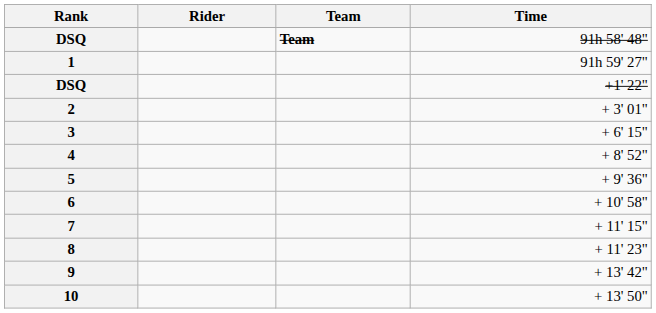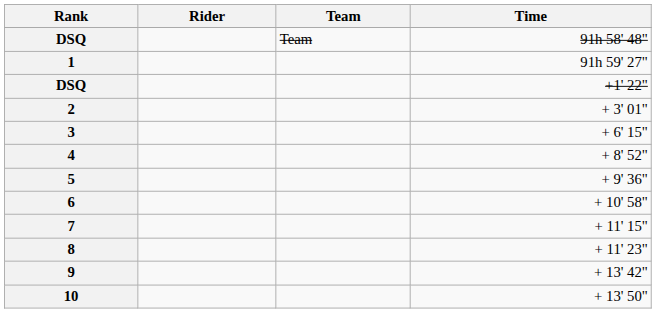 <table class="wikitable" style="width:44em;margin-bottom:0;">
 <tr>
 <th scope="col">Rank</th>
 <th scope="col">Rider</th>
 <th scope="col">Team</th>
 <th scope="col">Time</th>
 </tr>
 <tr>
 </tr>
 <tr>
 <th scope="row">DSQ</th>
 <td><s></s></td>
-<td><strong><s>Team </s></strong></td>
+<td><s>Team </s></td>
 <td style="text-align:right;"><s>91h 58' 48"</s></td>
 </tr>
 <tr>
 <th scope="row">1</th>
 <td>  </td>
 <td></td>
 <td style="text-align:right;">91h 59' 27"</td>
 </tr>
 <tr>
 <th scope="row">DSQ</th>
 <td><s></s></td>
 <td><s></s></td>
 <td style="text-align:right;"><s>+1' 22"</s></td>
 </tr>
 <tr>
 <th scope="row">2</th>
 <td></td>
 <td></td>
 <td style="text-align:right;">+ 3' 01"</td>
 </tr>
 <tr>
 <th scope="row">3</th>
 <td></td>
 <td></td>
 <td style="text-align:right;">+ 6' 15"</td>
 </tr>
 <tr>
 <th scope="row">4</th>
 <td></td>
 <td></td>
 <td style="text-align:right;">+ 8' 52"</td>
 </tr>
 <tr>
 <th scope="row">5</th>
 <td></td>
 <td></td>
 <td style="text-align:right;">+ 9' 36"</td>
 </tr>
 <tr>
 <th scope="row">6</th>
 <td></td>
 <td></td>
 <td style="text-align:right;">+ 10' 58"</td>
 </tr>
 <tr>
 <th scope="row">7</th>
 <td></td>
 <td></td>
 <td style="text-align:right;">+ 11' 15"</td>
 </tr>
 <tr>
 <th scope="row">8</th>
 <td> </td>
 <td></td>
 <td style="text-align:right;">+ 11' 23"</td>
 </tr>
 <tr>
 <th scope="row">9</th>
 <td></td>
 <td></td>
 <td style="text-align:right;">+ 13' 42"</td>
 </tr>
 <tr>
 <th scope="row">10</th>
 <td></td>
 <td></td>
 <td style="text-align:right;">+ 13' 50"</td>
 </tr>
 </table>
